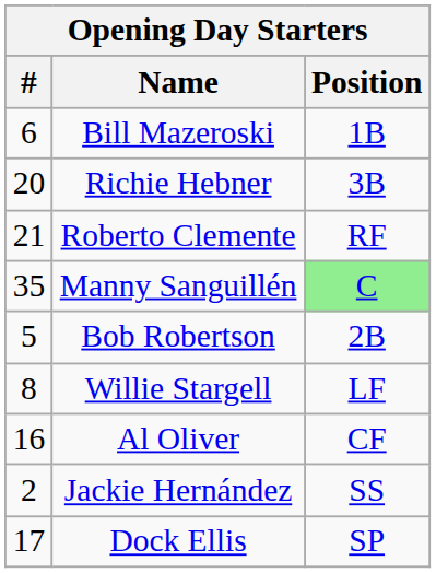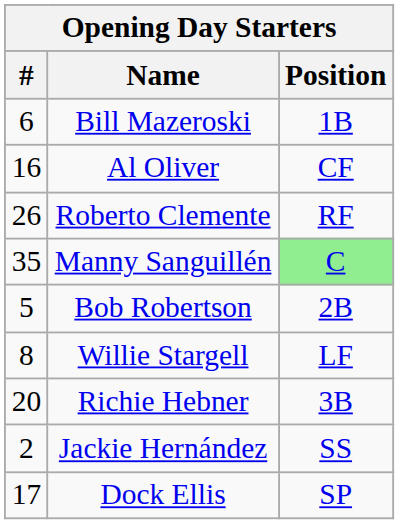 <table class="wikitable" style="text-align:center">
 <tr>
 <th colspan="3">Opening Day Starters</th>
 </tr>
 <tr>
 <th>#</th>
 <th>Name</th>
 <th>Position</th>
 </tr>
 <tr>
 <td>6</td>
 <td><a href='#'>Bill Mazeroski</a></td>
 <td><a href='#'>1B</a></td>
 </tr>
 <tr>
-<td>20</td>
-<td><a href='#'>Richie Hebner</a></td>
-<td><a href='#'>3B</a></td>
+<td>16</td>
+<td><a href='#'>Al Oliver</a></td>
+<td><a href='#'>CF</a></td>
 </tr>
 <tr>
-<td>21</td>
+<td>26</td>
 <td><a href='#'>Roberto Clemente</a></td>
 <td><a href='#'>RF</a></td>
 </tr>
 <tr>
 <td>35</td>
 <td><a href='#'>Manny Sanguillén</a></td>
 <td style="background: lightgreen;"><a href='#'>C</a></td>
 </tr>
 <tr>
 <td>5</td>
 <td><a href='#'>Bob Robertson</a></td>
 <td><a href='#'>2B</a></td>
 </tr>
 <tr>
 <td>8</td>
 <td><a href='#'>Willie Stargell</a></td>
 <td><a href='#'>LF</a></td>
 </tr>
 <tr>
-<td>16</td>
-<td><a href='#'>Al Oliver</a></td>
-<td><a href='#'>CF</a></td>
+<td>20</td>
+<td><a href='#'>Richie Hebner</a></td>
+<td><a href='#'>3B</a></td>
 </tr>
 <tr>
 <td>2</td>
 <td><a href='#'>Jackie Hernández</a></td>
 <td><a href='#'>SS</a></td>
 </tr>
 <tr>
 <td>17</td>
 <td><a href='#'>Dock Ellis</a></td>
 <td><a href='#'>SP</a></td>
 </tr>
 </table>
